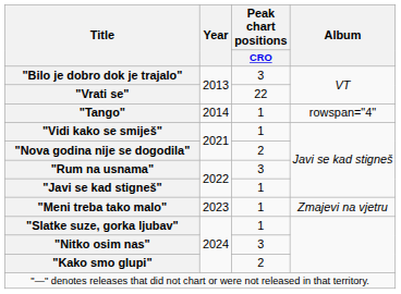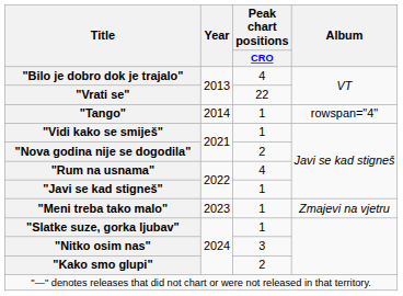 <table class="wikitable plainrowheaders" style="text-align:center;">
 <tr>
 <th scope="col" rowspan="2" style="width:16em;">Title</th>
 <th scope="col" rowspan="2" style="width:1em;">Year</th>
 <th scope="col" colspan="1">Peak chart positions</th>
 <th scope="col" rowspan="2">Album</th>
 </tr>
 <tr>
 <th scope="col" style="width:3em;font-size:85%;"><a href='#'>CRO</a><br></th>
 </tr>
 <tr>
 <th scope="row">"Bilo je dobro dok je trajalo"</th>
 <td rowspan="2">2013</td>
-<td>3</td>
+<td>4</td>
 <td rowspan="2"><em>VT</em></td>
 </tr>
 <tr>
 <th scope="row">"Vrati se"</th>
 <td>22</td>
 </tr>
 <tr>
 <th scope="row">"Tango"</th>
 <td rowspan="1">2014</td>
 <td>1</td>
 <td>rowspan="4" </td>
 </tr>
 <tr>
 <th scope="row">"Vidi kako se smiješ"</th>
 <td rowspan="2">2021</td>
 <td>1</td>
 <td rowspan="4"><em>Javi se kad stigneš</em></td>
 </tr>
 <tr>
 <th scope="row">"Nova godina nije se dogodila"</th>
 <td>2</td>
 </tr>
 <tr>
 <th scope="row">"Rum na usnama"<br></th>
 <td rowspan="2">2022</td>
-<td>3</td>
+<td>4</td>
 </tr>
 <tr>
 <th scope="row">"Javi se kad stigneš"</th>
 <td>1</td>
 </tr>
 <tr>
 <th scope="row">"Meni treba tako malo"</th>
 <td>2023</td>
 <td>1</td>
 <td rowspan="1"><em>Zmajevi na vjetru</em></td>
 </tr>
 <tr>
 <th scope="row">"Slatke suze, gorka ljubav"</th>
 <td rowspan="3">2024</td>
 <td>1</td>
 </tr>
 <tr>
 <th scope="row">"Nitko osim nas"</th>
 <td>3</td>
 </tr>
 <tr>
 <th scope="row">"Kako smo glupi"</th>
 <td>2</td>
 </tr>
 <tr>
 <td colspan="4" style="text-align:center; font-size:85%;">"—" denotes releases that did not chart or were not released in that territory.</td>
 </tr>
 </table>
